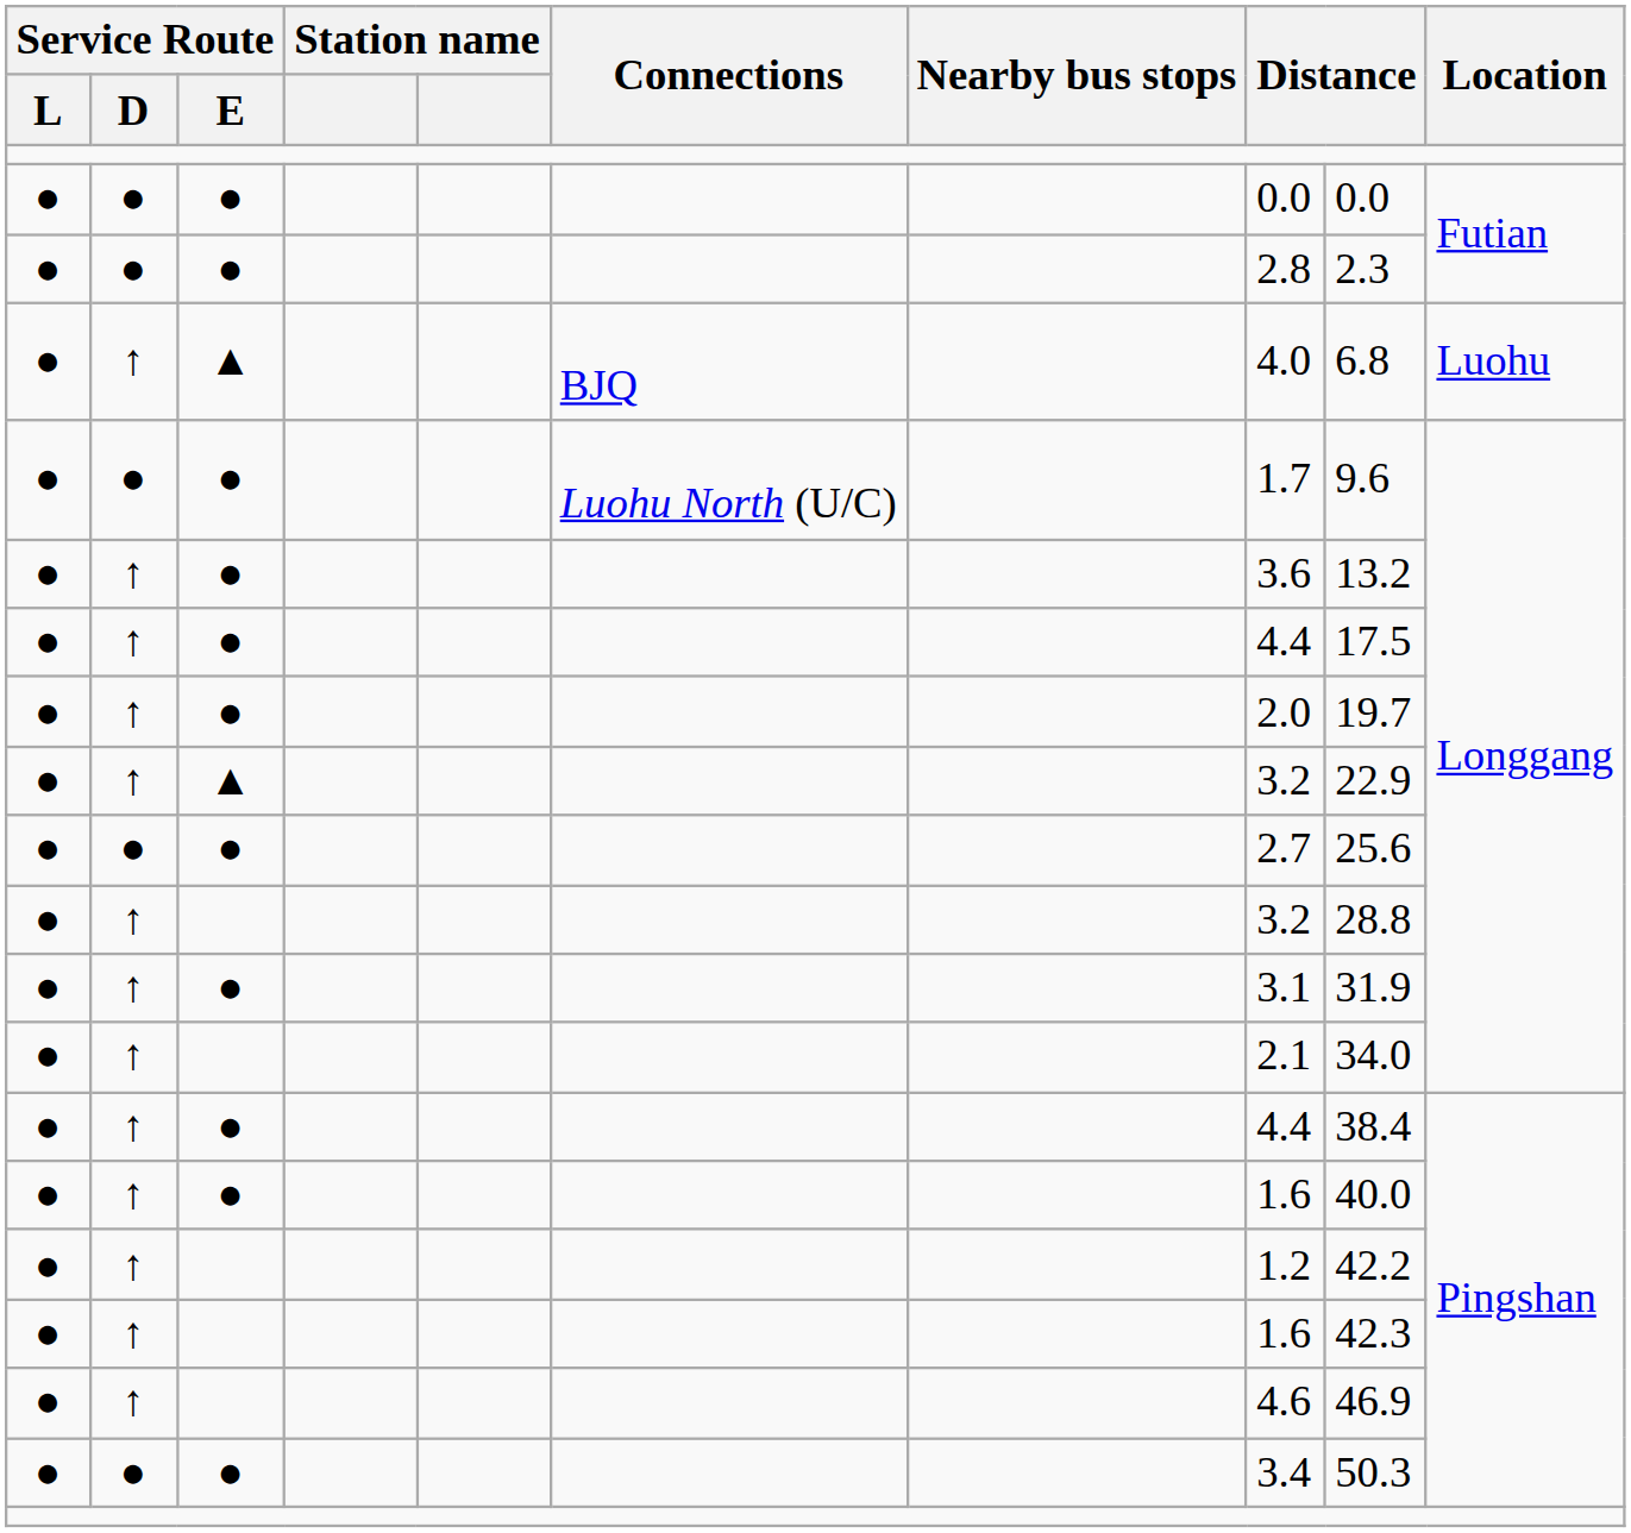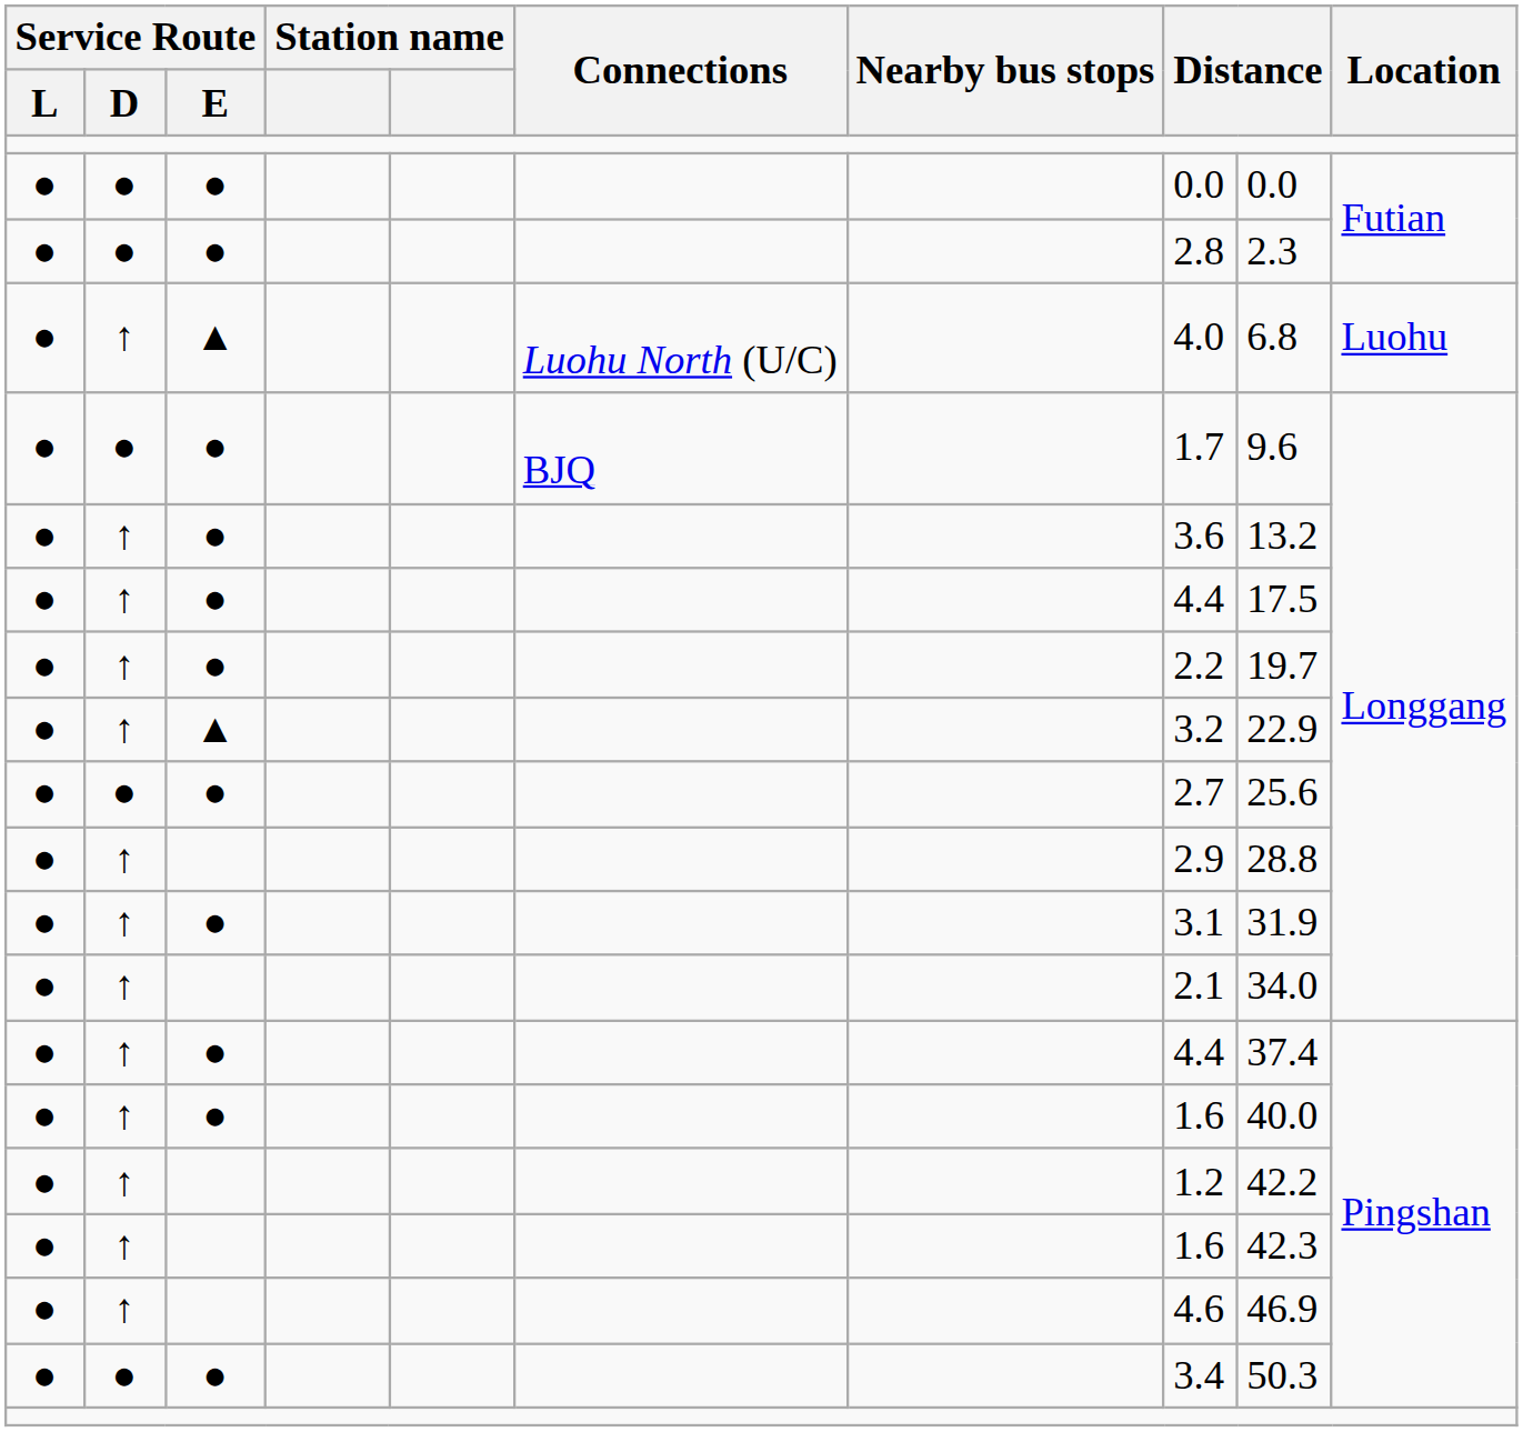 <table class="wikitable">
 <tr>
 <th colspan="3"><strong>Service Route</strong></th>
 <th colspan="2">Station name</th>
 <th rowspan="2">Connections</th>
 <th rowspan="2">Nearby bus stops</th>
 <th colspan="2" rowspan="2">Distance<br></th>
 <th rowspan="2">Location</th>
 </tr>
 <tr>
 <th>L</th>
 <th>D</th>
 <th>E</th>
 <th></th>
 <th></th>
 </tr>
 <tr style="background:#">
 <td colspan = "10"></td>
 </tr>
 <tr>
 <td style="text-align:center;">●</td>
 <td style="text-align:center;">●</td>
 <td style="text-align:center;">●</td>
 <td></td>
 <td></td>
 <td>   </td>
 <td></td>
 <td>0.0</td>
 <td>0.0</td>
 <td rowspan="2"><a href='#'>Futian</a></td>
 </tr>
 <tr>
 <td style="text-align:center;">●</td>
 <td style="text-align:center;">●</td>
 <td style="text-align:center;">●</td>
 <td></td>
 <td></td>
 <td></td>
 <td></td>
 <td>2.8</td>
 <td>2.3</td>
 </tr>
 <tr>
 <td style="text-align:center;">●</td>
 <td style="text-align:center;">↑</td>
 <td style="text-align:center;">▲</td>
 <td></td>
 <td></td>
-<td> <br> <a href='#'>BJQ</a></td>
+<td><br><em> <a href='#'>Luohu North</a></em> (U/C)</td>
 <td></td>
 <td>4.0</td>
 <td>6.8</td>
 <td rowspan=1><a href='#'>Luohu</a></td>
 </tr>
 <tr>
 <td style="text-align:center;">●</td>
 <td style="text-align:center;">●</td>
 <td style="text-align:center;">●</td>
 <td></td>
 <td></td>
-<td><br><em> <a href='#'>Luohu North</a></em> (U/C)</td>
+<td> <br> <a href='#'>BJQ</a></td>
 <td></td>
 <td>1.7</td>
 <td>9.6</td>
 <td rowspan=9><a href='#'>Longgang</a></td>
 </tr>
 <tr>
 <td style="text-align:center;">●</td>
 <td style="text-align:center;">↑</td>
 <td style="text-align:center;">●</td>
 <td></td>
 <td></td>
 <td></td>
 <td></td>
 <td>3.6</td>
 <td>13.2</td>
 </tr>
 <tr>
 <td style="text-align:center;">●</td>
 <td style="text-align:center;">↑</td>
 <td style="text-align:center;">●</td>
 <td></td>
 <td></td>
 <td></td>
 <td></td>
 <td>4.4</td>
 <td>17.5</td>
 </tr>
 <tr>
 <td style="text-align:center;">●</td>
 <td style="text-align:center;">↑</td>
 <td style="text-align:center;">●</td>
 <td></td>
 <td></td>
 <td></td>
 <td></td>
-<td>2.0</td>
+<td>2.2</td>
 <td>19.7</td>
 </tr>
 <tr>
 <td style="text-align:center;">●</td>
 <td style="text-align:center;">↑</td>
 <td style="text-align:center;">▲</td>
 <td></td>
 <td></td>
 <td></td>
 <td></td>
 <td>3.2</td>
 <td>22.9</td>
 </tr>
 <tr>
 <td style="text-align:center;">●</td>
 <td style="text-align:center;">●</td>
 <td style="text-align:center;">●</td>
 <td></td>
 <td></td>
 <td> </td>
 <td></td>
 <td>2.7</td>
 <td>25.6</td>
 </tr>
 <tr>
 <td style="text-align:center;">●</td>
 <td style="text-align:center;">↑</td>
 <td style="text-align:center;"></td>
 <td></td>
 <td></td>
 <td></td>
 <td></td>
-<td>3.2</td>
+<td>2.9</td>
 <td>28.8</td>
 </tr>
 <tr>
 <td style="text-align:center;">●</td>
 <td style="text-align:center;">↑</td>
 <td style="text-align:center;">●</td>
 <td></td>
 <td></td>
 <td></td>
 <td></td>
 <td>3.1</td>
 <td>31.9</td>
 </tr>
 <tr>
 <td style="text-align:center;">●</td>
 <td style="text-align:center;">↑</td>
 <td style="text-align:center;"></td>
 <td></td>
 <td></td>
 <td></td>
 <td></td>
 <td>2.1</td>
 <td>34.0</td>
 </tr>
 <tr>
 <td style="text-align:center;">●</td>
 <td style="text-align:center;">↑</td>
 <td style="text-align:center;">●</td>
 <td></td>
 <td></td>
 <td></td>
 <td></td>
 <td>4.4</td>
-<td>38.4</td>
+<td>37.4</td>
 <td rowspan=6><a href='#'>Pingshan</a></td>
 </tr>
 <tr>
 <td style="text-align:center;">●</td>
 <td style="text-align:center;">↑</td>
 <td style="text-align:center;">●</td>
 <td></td>
 <td></td>
 <td></td>
 <td></td>
 <td>1.6</td>
 <td>40.0</td>
 </tr>
 <tr>
 <td style="text-align:center;">●</td>
 <td style="text-align:center;">↑</td>
 <td style="text-align:center;"></td>
 <td></td>
 <td></td>
 <td></td>
 <td></td>
 <td>1.2</td>
 <td>42.2</td>
 </tr>
 <tr>
 <td style="text-align:center;">●</td>
 <td style="text-align:center;">↑</td>
 <td style="text-align:center;"></td>
 <td></td>
 <td></td>
 <td> </td>
 <td></td>
 <td>1.6</td>
 <td>42.3</td>
 </tr>
 <tr>
 <td style="text-align:center;">●</td>
 <td style="text-align:center;">↑</td>
 <td style="text-align:center;"></td>
 <td></td>
 <td></td>
 <td></td>
 <td></td>
 <td>4.6</td>
 <td>46.9</td>
 </tr>
 <tr>
 <td style="text-align:center;">●</td>
 <td style="text-align:center;">●</td>
 <td style="text-align:center;">●</td>
 <td></td>
 <td></td>
 <td></td>
 <td></td>
 <td>3.4</td>
 <td>50.3<br></td>
 </tr>
 <tr style="background:#">
 <td colspan = "10"></td>
 </tr>
 </table>
